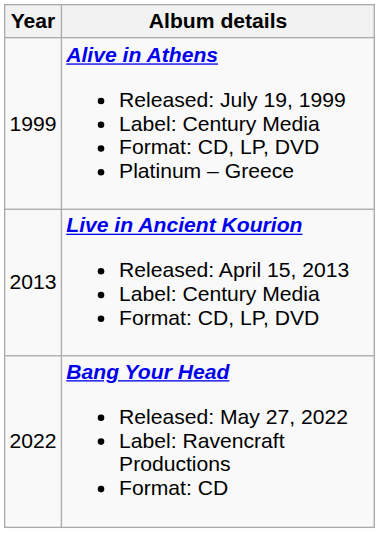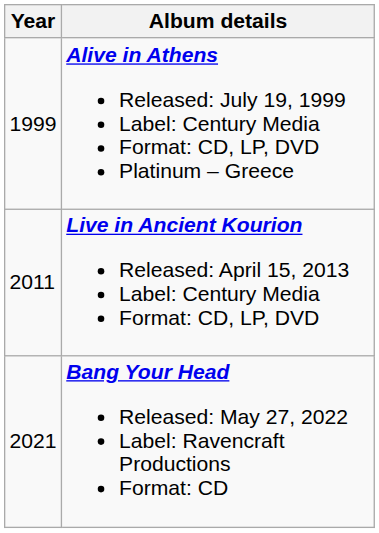 <table class="wikitable" border="1">
 <tr>
 <th>Year</th>
 <th width="230">Album details</th>
 </tr>
 <tr>
 <td>1999</td>
 <td><strong><em><a href='#'>Alive in Athens</a></em></strong><br><ul><li>Released: July 19, 1999</li><li>Label: Century Media</li><li>Format: CD, LP, DVD</li><li>Platinum – Greece </li></ul></td>
 </tr>
 <tr>
-<td>2013</td>
+<td>2011</td>
 <td><strong><em><a href='#'>Live in Ancient Kourion</a></em></strong><br><ul><li>Released: April 15, 2013</li><li>Label: Century Media</li><li>Format: CD, LP, DVD</li></ul></td>
 </tr>
 <tr>
-<td>2022</td>
+<td>2021</td>
 <td><strong><em><a href='#'>Bang Your Head</a></em></strong><br><ul><li>Released: May 27, 2022</li><li>Label: Ravencraft Productions</li><li>Format: CD</li></ul></td>
 </tr>
 </table>
